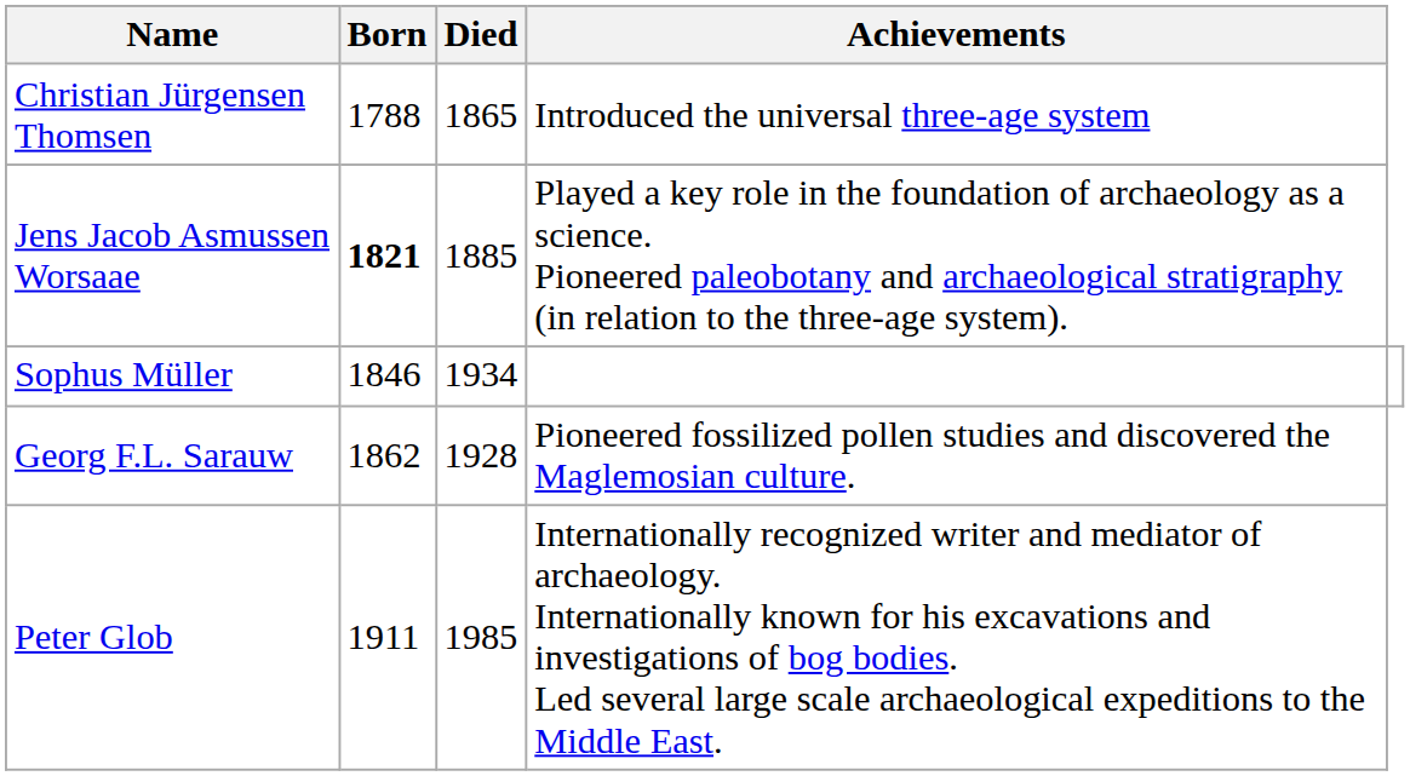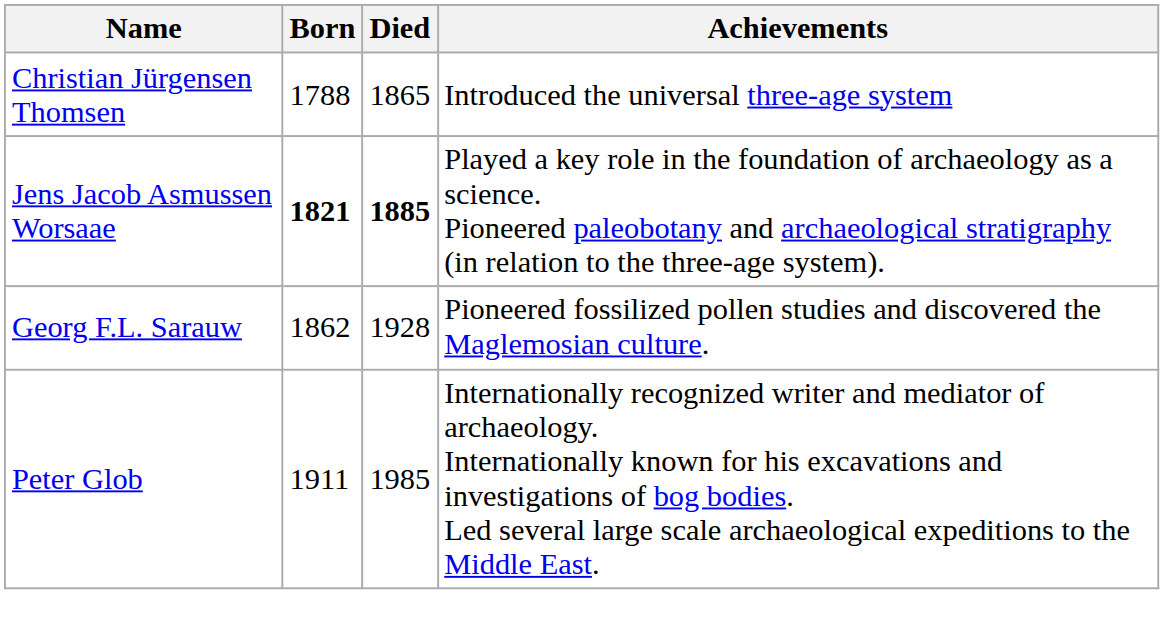 <table class="sortable wikitable" style="background:white; text-align:left; border:0 solid #aaa; :">
 <tr>
 <th>Name</th>
 <th>Born</th>
 <th>Died</th>
 <th>Achievements</th>
 </tr>
 <tr>
 <td><a href='#'>Christian Jürgensen Thomsen</a></td>
 <td>1788</td>
 <td>1865</td>
 <td>Introduced the universal <a href='#'>three-age system</a></td>
 </tr>
 <tr>
 <td><a href='#'>Jens Jacob Asmussen Worsaae</a></td>
 <td><strong>1821</strong></td>
-<td>1885</td>
+<td><strong>1885</strong></td>
 <td>Played a key role in the foundation of archaeology as a science. <br>Pioneered <a href='#'>paleobotany</a> and <a href='#'>archaeological stratigraphy</a> (in relation to the three-age system).</td>
-</tr>
-<tr>
-<td><a href='#'>Sophus Müller</a></td>
-<td>1846</td>
-<td>1934</td>
-<td></td>
-<td></td>
 </tr>
 <tr>
 <td><a href='#'>Georg F.L. Sarauw</a></td>
 <td>1862</td>
 <td>1928</td>
 <td>Pioneered fossilized pollen studies and discovered the <a href='#'>Maglemosian culture</a>.</td>
 </tr>
 <tr>
 <td><a href='#'>Peter Glob</a></td>
 <td>1911</td>
 <td>1985</td>
 <td>Internationally recognized writer and mediator of archaeology. <br>Internationally known for his excavations and investigations of <a href='#'>bog bodies</a>. <br>Led several large scale archaeological expeditions to the <a href='#'>Middle East</a>.</td>
 </tr>
 </table>
